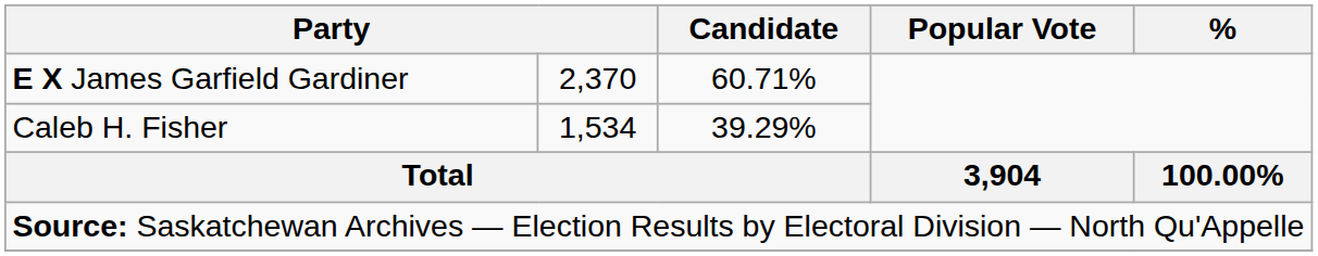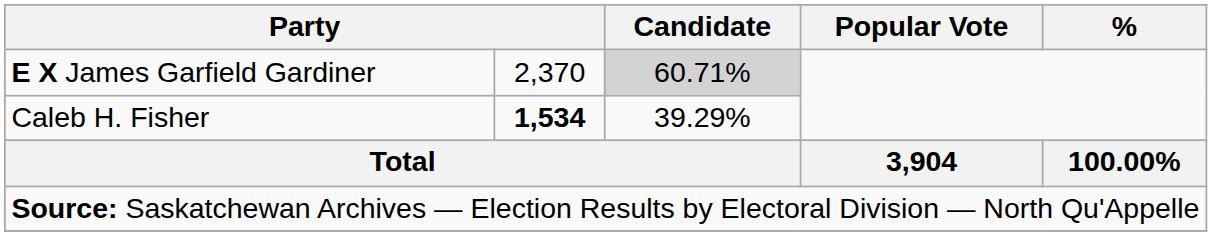 <table class="wikitable">
 <tr>
 <th colspan="2">Party</th>
 <th>Candidate</th>
 <th>Popular Vote</th>
 <th>%</th>
 </tr>
 <tr>
 <td><strong>E</strong> <strong>X</strong> James Garfield Gardiner</td>
 <td align=center>2,370</td>
-<td align=center>60.71%</td>
+<td align=center style="background: lightgrey;">60.71%</td>
 </tr>
 <tr>
 <td>Caleb H. Fisher</td>
-<td align=center>1,534</td>
+<td align=center><strong>1,534</strong></td>
 <td align=center>39.29%</td>
 </tr>
 <tr>
 <th colspan=3>Total</th>
 <th>3,904</th>
 <th>100.00%</th>
 </tr>
 <tr>
 <td align="center" colspan=5><strong>Source:</strong> Saskatchewan Archives — Election Results by Electoral Division — North Qu'Appelle</td>
 </tr>
 <tr>
 </tr>
 </table>
